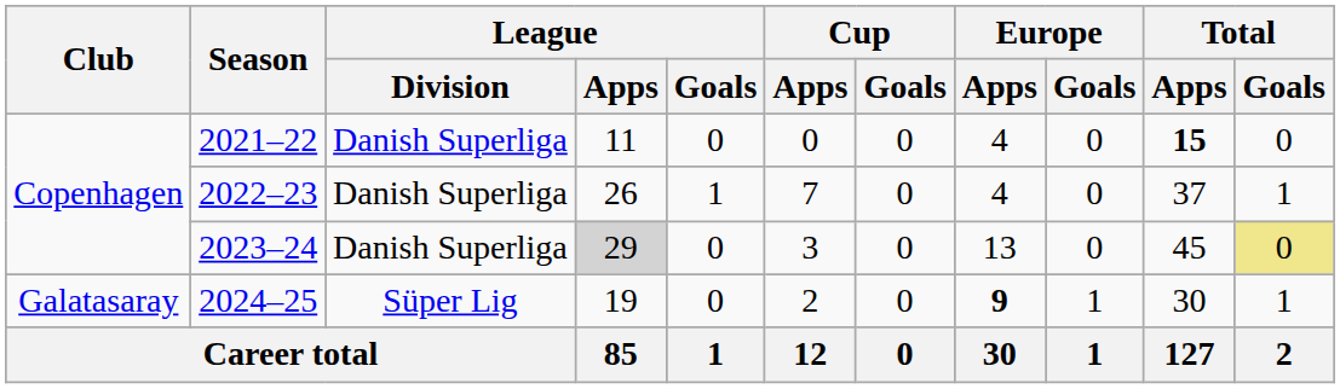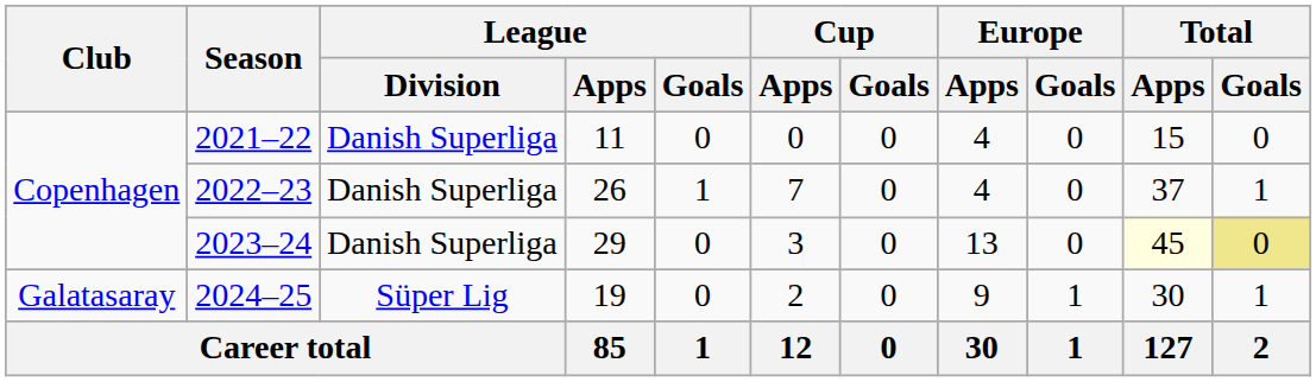 <table class="wikitable" style="text-align:center">
 <tr>
 <th rowspan="2">Club</th>
 <th rowspan="2">Season</th>
 <th colspan="3">League</th>
 <th colspan="2">Cup</th>
 <th colspan="2">Europe</th>
 <th colspan="2">Total</th>
 </tr>
 <tr>
 <th>Division</th>
 <th>Apps</th>
 <th>Goals</th>
 <th>Apps</th>
 <th>Goals</th>
 <th>Apps</th>
 <th>Goals</th>
 <th>Apps</th>
 <th>Goals</th>
 </tr>
 <tr>
 <td rowspan="3"><a href='#'>Copenhagen</a></td>
 <td><a href='#'>2021–22</a></td>
 <td><a href='#'>Danish Superliga</a></td>
 <td>11</td>
 <td>0</td>
 <td>0</td>
 <td>0</td>
 <td>4</td>
 <td>0</td>
-<td><strong>15</strong></td>
+<td>15</td>
 <td>0</td>
 </tr>
 <tr>
 <td><a href='#'>2022–23</a></td>
 <td>Danish Superliga</td>
 <td>26</td>
 <td>1</td>
 <td>7</td>
 <td>0</td>
 <td>4</td>
 <td>0</td>
 <td>37</td>
 <td>1</td>
 </tr>
 <tr>
 <td><a href='#'>2023–24</a></td>
 <td>Danish Superliga</td>
-<td style="background: lightgrey;">29</td>
+<td>29</td>
 <td>0</td>
 <td>3</td>
 <td>0</td>
 <td>13</td>
 <td>0</td>
-<td>45</td>
+<td style="background: lightyellow;">45</td>
 <td style="background: khaki;">0</td>
 </tr>
 <tr>
 <td><a href='#'>Galatasaray</a></td>
 <td><a href='#'>2024–25</a></td>
 <td><a href='#'>Süper Lig</a></td>
 <td>19</td>
 <td>0</td>
 <td>2</td>
 <td>0</td>
-<td><strong>9</strong></td>
+<td>9</td>
 <td>1</td>
 <td>30</td>
 <td>1</td>
 </tr>
 <tr>
 <th colspan="3">Career total</th>
 <th>85</th>
 <th>1</th>
 <th>12</th>
 <th>0</th>
 <th>30</th>
 <th>1</th>
 <th>127</th>
 <th>2</th>
 </tr>
 </table>
